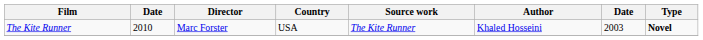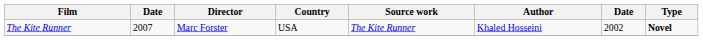 <table class="wikitable" style=width:90%>
 <tr style="background:#CCCCCC;">
 <th>Film</th>
 <th>Date</th>
 <th>Director</th>
 <th>Country</th>
 <th>Source work</th>
 <th>Author</th>
 <th>Date</th>
 <th>Type</th>
 </tr>
 <tr>
 <td><em><a href='#'>The Kite Runner</a></em></td>
-<td>2010</td>
+<td>2007</td>
 <td><a href='#'>Marc Forster</a></td>
 <td>USA</td>
 <td><em><a href='#'>The Kite Runner</a></em></td>
 <td><a href='#'>Khaled Hosseini</a></td>
-<td>2003</td>
+<td>2002</td>
 <td><strong>Novel</strong></td>
 </tr>
 <tr>
 </tr>
 </table>
